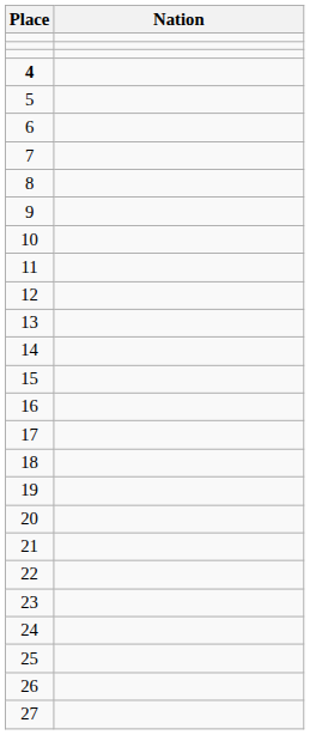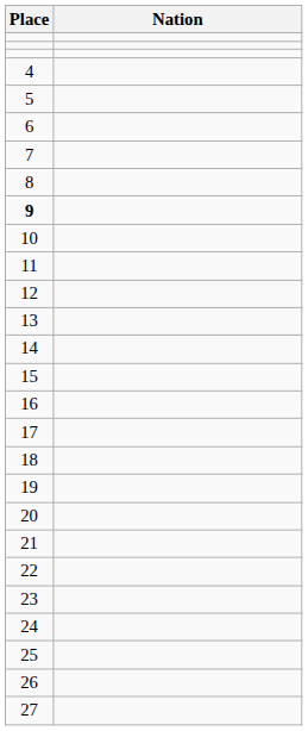 <table class=wikitable style=text-align:center>
 <tr>
 <th width=35>Place</th>
 <th width=220>Nation</th>
 </tr>
 <tr>
 <td></td>
 <td style=text-align:left></td>
 </tr>
 <tr>
 <td></td>
 <td style=text-align:left></td>
 </tr>
 <tr>
 <td></td>
 <td style=text-align:left></td>
 </tr>
 <tr>
-<td><strong>4</strong></td>
+<td>4</td>
 <td style=text-align:left></td>
 </tr>
 <tr>
 <td>5</td>
 <td style=text-align:left></td>
 </tr>
 <tr>
 <td>6</td>
 <td style=text-align:left></td>
 </tr>
 <tr>
 <td>7</td>
 <td style=text-align:left></td>
 </tr>
 <tr>
 <td>8</td>
 <td style=text-align:left></td>
 </tr>
 <tr>
-<td>9</td>
+<td><strong>9</strong></td>
 <td style=text-align:left></td>
 </tr>
 <tr>
 <td>10</td>
 <td style=text-align:left></td>
 </tr>
 <tr>
 <td>11</td>
 <td style=text-align:left></td>
 </tr>
 <tr>
 <td>12</td>
 <td style=text-align:left></td>
 </tr>
 <tr>
 <td>13</td>
 <td style=text-align:left></td>
 </tr>
 <tr>
 <td>14</td>
 <td style=text-align:left></td>
 </tr>
 <tr>
 <td>15</td>
 <td style=text-align:left></td>
 </tr>
 <tr>
 <td>16</td>
 <td style=text-align:left></td>
 </tr>
 <tr>
 <td>17</td>
 <td style=text-align:left></td>
 </tr>
 <tr>
 <td>18</td>
 <td style=text-align:left></td>
 </tr>
 <tr>
 <td>19</td>
 <td style=text-align:left></td>
 </tr>
 <tr>
 <td>20</td>
 <td style=text-align:left></td>
 </tr>
 <tr>
 <td>21</td>
 <td style=text-align:left></td>
 </tr>
 <tr>
 <td>22</td>
 <td style=text-align:left></td>
 </tr>
 <tr>
 <td>23</td>
 <td style=text-align:left></td>
 </tr>
 <tr>
 <td>24</td>
 <td style=text-align:left></td>
 </tr>
 <tr>
 <td>25</td>
 <td style=text-align:left></td>
 </tr>
 <tr>
 <td>26</td>
 <td style=text-align:left></td>
 </tr>
 <tr>
 <td>27</td>
 <td style=text-align:left></td>
 </tr>
 </table>
